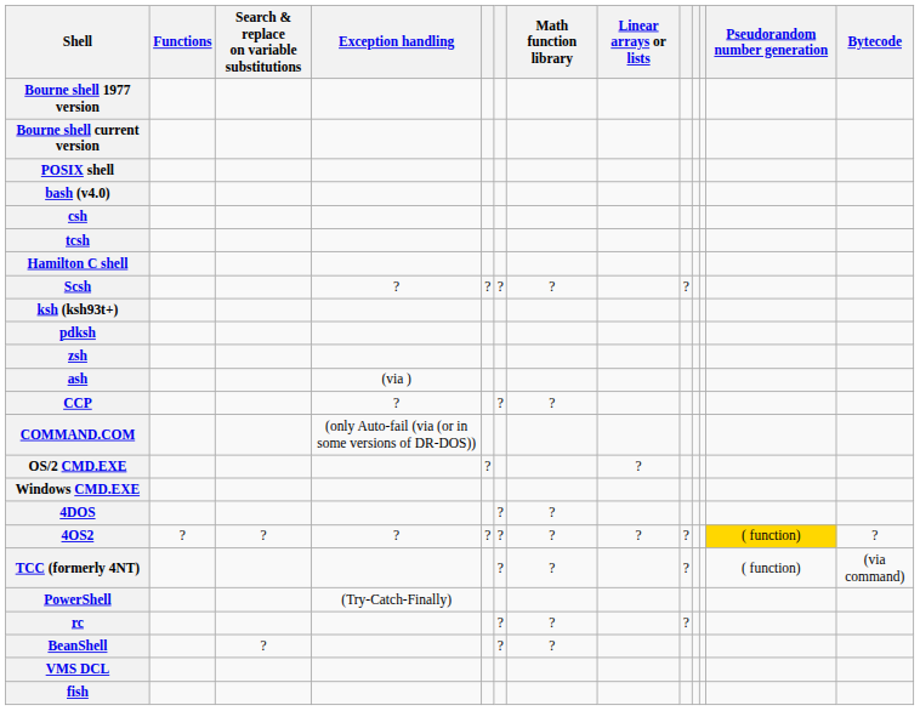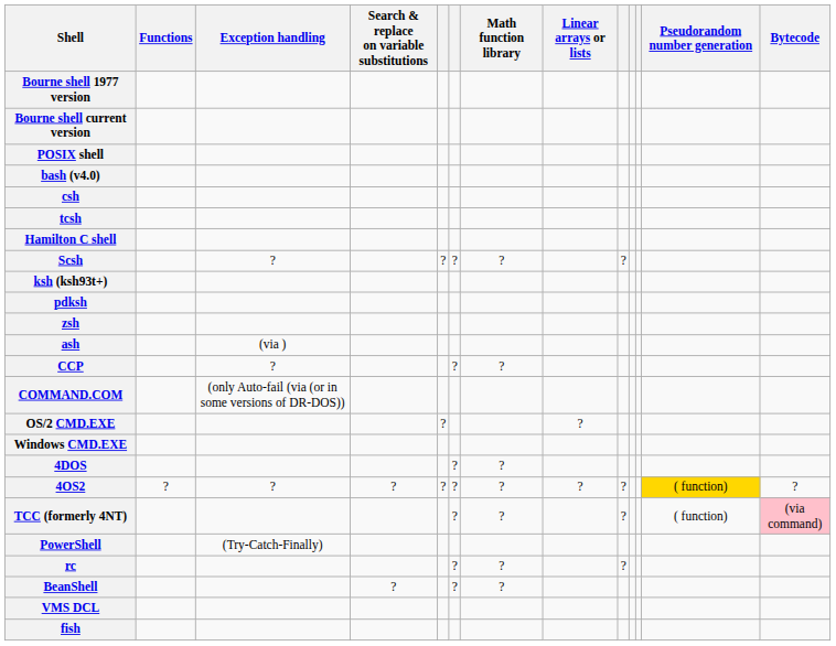 <table class="wikitable sortable sort-under" style="width: auto; text-align: center; font-size: smaller;">
 <tr>
 <th>Shell</th>
 <th><a href='#'>Functions</a></th>
+<th><a href='#'>Exception handling</a></th>
 <th>Search & replace<br>on variable substi­tutions</th>
-<th><a href='#'>Exception handling</a></th>
 <th></th>
 <th></th>
 <th>Math function library</th>
 <th><a href='#'>Linear arrays</a> or <a href='#'>lists</a></th>
 <th></th>
 <th></th>
 <th></th>
 <th><a href='#'>Pseudo­random number generation</a></th>
 <th><a href='#'>Bytecode</a></th>
 </tr>
 <tr>
 <th><a href='#'>Bourne shell</a> 1977 version</th>
 <td></td>
 <td></td>
 <td></td>
 <td></td>
 <td></td>
 <td></td>
 <td></td>
 <td></td>
 <td></td>
 <td></td>
 <td></td>
 <td></td>
 </tr>
 <tr>
 <th><a href='#'>Bourne shell</a> current version</th>
 <td></td>
 <td></td>
 <td></td>
 <td></td>
 <td></td>
 <td></td>
 <td></td>
 <td></td>
 <td></td>
 <td></td>
 <td></td>
 <td></td>
 </tr>
 <tr>
 <th><a href='#'>POSIX</a> shell</th>
 <td></td>
 <td></td>
 <td></td>
 <td></td>
 <td></td>
 <td></td>
 <td></td>
 <td></td>
 <td></td>
 <td></td>
 <td></td>
 <td></td>
 </tr>
 <tr>
 <th><a href='#'>bash</a> (v4.0)</th>
 <td></td>
+<td></td>
 <td><br></td>
-<td></td>
 <td></td>
 <td></td>
 <td></td>
 <td></td>
 <td></td>
 <td></td>
 <td></td>
 <td><br></td>
 <td></td>
 </tr>
 <tr>
 <th><a href='#'>csh</a></th>
 <td></td>
+<td></td>
 <td><br></td>
-<td></td>
 <td></td>
 <td></td>
 <td></td>
 <td></td>
 <td></td>
 <td></td>
 <td></td>
 <td></td>
 <td></td>
 </tr>
 <tr>
 <th><a href='#'>tcsh</a></th>
 <td></td>
+<td></td>
 <td><br></td>
-<td></td>
 <td></td>
 <td></td>
 <td></td>
 <td></td>
 <td></td>
 <td></td>
 <td></td>
 <td></td>
 <td></td>
 </tr>
 <tr>
 <th><a href='#'>Hamilton C shell</a></th>
 <td></td>
+<td></td>
 <td><br></td>
-<td></td>
 <td></td>
 <td></td>
 <td></td>
 <td></td>
 <td></td>
 <td></td>
 <td></td>
 <td></td>
 <td></td>
 </tr>
 <tr>
 <th><a href='#'>Scsh</a></th>
 <td></td>
+<td>?</td>
 <td><br></td>
-<td>?</td>
 <td>?</td>
 <td>?</td>
 <td>?</td>
 <td></td>
 <td>?</td>
 <td></td>
 <td></td>
 <td><br></td>
 <td><br></td>
 </tr>
 <tr>
 <th><a href='#'>ksh</a> (ksh93t+)</th>
 <td></td>
+<td></td>
 <td><br></td>
-<td></td>
 <td></td>
 <td></td>
 <td></td>
 <td></td>
 <td></td>
 <td></td>
 <td></td>
 <td><br></td>
 <td><br></td>
 </tr>
 <tr>
 <th><a href='#'>pdksh</a></th>
 <td></td>
 <td></td>
 <td></td>
 <td></td>
 <td></td>
 <td></td>
 <td></td>
 <td></td>
 <td></td>
 <td></td>
 <td><br></td>
 <td></td>
 </tr>
 <tr>
 <th><a href='#'>zsh</a></th>
 <td></td>
+<td></td>
 <td><br></td>
-<td></td>
 <td></td>
 <td></td>
 <td><br></td>
 <td></td>
 <td></td>
 <td></td>
 <td></td>
 <td><br></td>
 <td><br></td>
 </tr>
 <tr>
 <th><a href='#'>ash</a></th>
 <td></td>
+<td> (via )</td>
 <td></td>
-<td> (via )</td>
 <td><br></td>
 <td></td>
 <td></td>
 <td></td>
 <td></td>
 <td></td>
 <td></td>
 <td></td>
 <td></td>
 </tr>
 <tr>
 <th><a href='#'>CCP</a></th>
 <td></td>
+<td>?</td>
 <td></td>
-<td>?</td>
 <td></td>
 <td>?</td>
 <td>?</td>
 <td></td>
 <td></td>
 <td></td>
 <td></td>
 <td></td>
 <td></td>
 </tr>
 <tr>
 <th><a href='#'>COMMAND.COM</a></th>
 <td></td>
+<td> (only Auto-fail (via  (or  in some versions of DR-DOS))</td>
 <td></td>
-<td> (only Auto-fail (via  (or  in some versions of DR-DOS))</td>
 <td></td>
 <td></td>
 <td></td>
 <td></td>
 <td></td>
 <td></td>
 <td></td>
 <td></td>
 <td></td>
 </tr>
 <tr>
 <th>OS/2 <a href='#'>CMD.EXE</a></th>
 <td></td>
 <td></td>
 <td></td>
 <td>?</td>
 <td></td>
 <td></td>
 <td>?</td>
 <td></td>
 <td></td>
 <td></td>
 <td></td>
 <td></td>
 </tr>
 <tr>
 <th>Windows <a href='#'>CMD.EXE</a></th>
 <td><br></td>
+<td></td>
 <td><br></td>
-<td></td>
 <td><br></td>
 <td></td>
 <td></td>
 <td><br></td>
 <td></td>
 <td></td>
 <td></td>
 <td><br></td>
 <td></td>
 </tr>
 <tr>
 <th><a href='#'>4DOS</a></th>
 <td></td>
 <td><br></td>
 <td><br></td>
 <td><br></td>
 <td>?</td>
 <td>?</td>
 <td><br></td>
 <td></td>
 <td></td>
 <td></td>
 <td><br></td>
 <td><br></td>
 </tr>
 <tr>
 <th><a href='#'>4OS2</a></th>
 <td>?</td>
 <td>?</td>
 <td>?</td>
 <td>?</td>
 <td>?</td>
 <td>?</td>
 <td>?</td>
 <td>?</td>
 <td></td>
 <td></td>
 <td style="background: gold;"> ( function)</td>
 <td>?</td>
 </tr>
 <tr>
 <th><a href='#'>TCC</a> (formerly 4NT)</th>
 <td></td>
 <td><br></td>
 <td><br></td>
 <td><br></td>
 <td>?</td>
 <td>?</td>
 <td><br></td>
 <td>?</td>
 <td></td>
 <td></td>
 <td> ( function)</td>
-<td> (via  command)</td>
+<td style="background: pink;"> (via  command)</td>
 </tr>
 <tr>
 <th><a href='#'>PowerShell</a></th>
 <td></td>
+<td> (Try-Catch-Finally)</td>
 <td><br></td>
-<td> (Try-Catch-Finally)</td>
 <td></td>
 <td></td>
 <td></td>
 <td></td>
 <td></td>
 <td></td>
 <td></td>
 <td></td>
 <td></td>
 </tr>
 <tr>
 <th><a href='#'>rc</a></th>
 <td></td>
 <td></td>
 <td></td>
 <td></td>
 <td>?</td>
 <td>?</td>
 <td></td>
 <td>?</td>
 <td></td>
 <td></td>
 <td></td>
 <td></td>
 </tr>
 <tr>
 <th><a href='#'>BeanShell</a></th>
 <td></td>
+<td></td>
 <td>?</td>
-<td></td>
 <td></td>
 <td>?</td>
 <td>?</td>
 <td></td>
 <td></td>
 <td></td>
 <td></td>
 <td></td>
 <td></td>
 </tr>
 <tr>
 <th><a href='#'>VMS DCL</a></th>
 <td></td>
 <td></td>
 <td></td>
 <td></td>
 <td></td>
 <td></td>
 <td></td>
 <td></td>
 <td></td>
 <td></td>
 <td></td>
 <td></td>
 </tr>
 <tr>
 <th><a href='#'>fish</a></th>
 <td></td>
 <td></td>
 <td></td>
 <td></td>
 <td></td>
 <td></td>
 <td></td>
 <td></td>
 <td></td>
 <td></td>
 <td><br></td>
 <td></td>
 </tr>
 </table>
